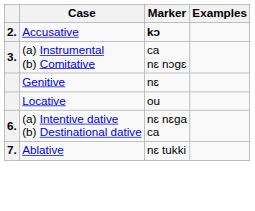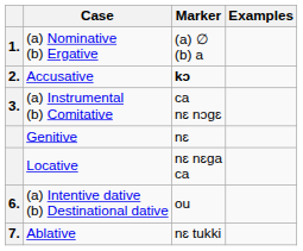 <table class="wikitable">
 <tr>
 <th></th>
 <th>Case</th>
 <th>Marker</th>
 <th>Examples</th>
+</tr>
+<tr>
+<th>1.</th>
+<td>(a) <a href='#'>Nominative</a><br>(b) <a href='#'>Ergative</a></td>
+<td>(a) ∅<br>(b) a</td>
+<td><div><br>  </div></td>
 </tr>
 <tr>
 <th>2.</th>
 <td><a href='#'>Accusative</a></td>
 <td><strong>kɔ</strong></td>
 <td></td>
 </tr>
 <tr>
 <th>3.</th>
 <td>(a) <a href='#'>Instrumental</a><br>(b) <a href='#'>Comitative</a></td>
 <td>ca<br>nɛ nɔɡɛ</td>
 <td><div><br>  </div></td>
 </tr>
 <tr>
 <th></th>
 <td><a href='#'>Genitive</a></td>
 <td>nɛ</td>
 <td></td>
 </tr>
 <tr>
 <th></th>
 <td><a href='#'>Locative</a></td>
-<td>ou</td>
+<td>nɛ nɛɡa<br>ca</td>
 <td></td>
 </tr>
 <tr>
 <th>6.</th>
 <td>(a) <a href='#'>Intentive dative</a><br>(b) <a href='#'>Destinational dative</a></td>
-<td>nɛ nɛɡa<br>ca</td>
+<td>ou</td>
 <td><div><br>  </div></td>
 </tr>
 <tr>
 <th>7.</th>
 <td><a href='#'>Ablative</a></td>
 <td>nɛ tukki</td>
 <td></td>
 </tr>
 </table>
